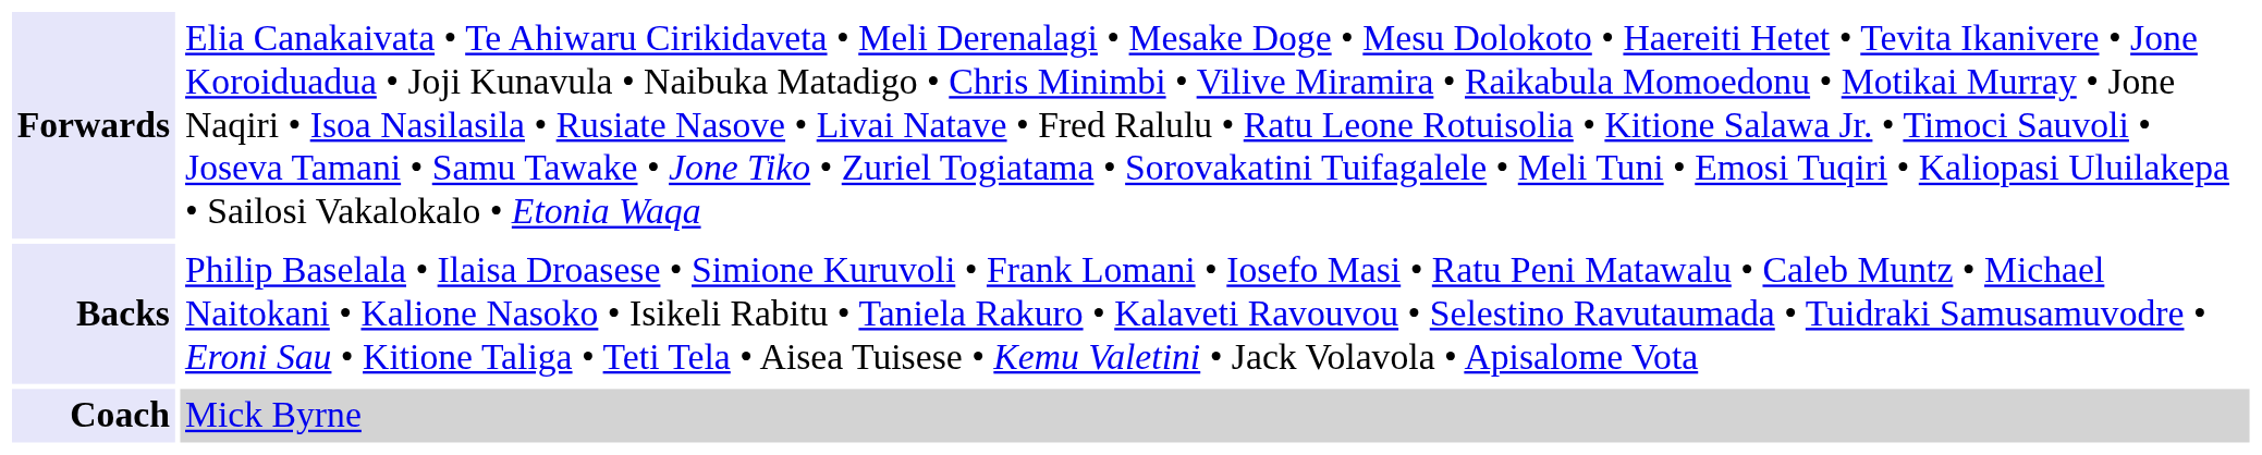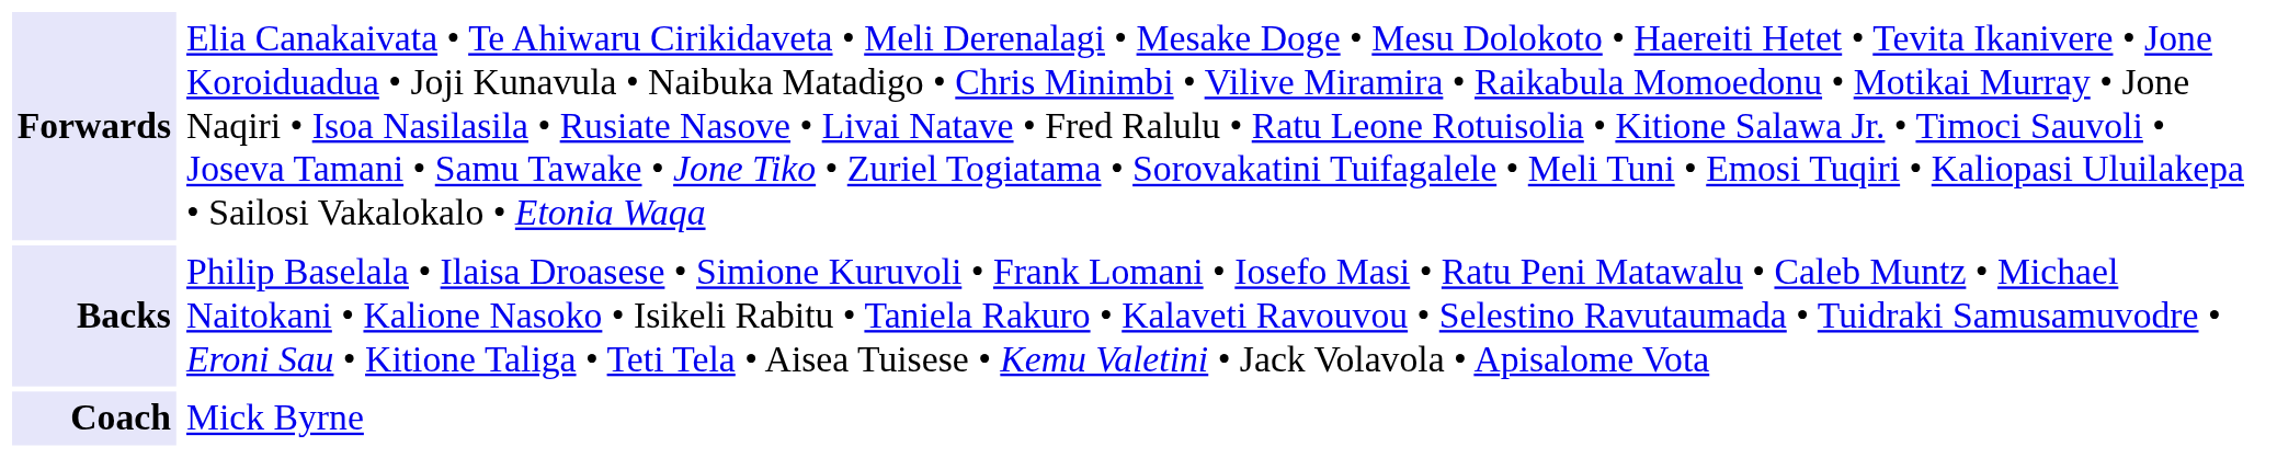 <table cellpadding="2" style="border: 1px solid white; font-size:90%;">
 <tr>
 <td style="text-align:right;" bgcolor="lavender"><strong>Forwards</strong></td>
 <td style="text-align:left;"><a href='#'>Elia Canakaivata</a> • <a href='#'>Te Ahiwaru Cirikidaveta</a> • <a href='#'>Meli Derenalagi</a> • <a href='#'>Mesake Doge</a> • <a href='#'>Mesu Dolokoto</a> • <a href='#'>Haereiti Hetet</a> • <a href='#'>Tevita Ikanivere</a> • <a href='#'>Jone Koroiduadua</a> • Joji Kunavula • Naibuka Matadigo • <a href='#'>Chris Minimbi</a> • <a href='#'>Vilive Miramira</a> • <a href='#'>Raikabula Momoedonu</a> • <a href='#'>Motikai Murray</a> • Jone Naqiri • <a href='#'>Isoa Nasilasila</a> • <a href='#'>Rusiate Nasove</a> • <a href='#'>Livai Natave</a> • Fred Ralulu • <a href='#'>Ratu Leone Rotuisolia</a> • <a href='#'>Kitione Salawa Jr.</a> • <a href='#'>Timoci Sauvoli</a> • <a href='#'>Joseva Tamani</a> • <a href='#'>Samu Tawake</a> • <em><a href='#'>Jone Tiko</a></em> • <a href='#'>Zuriel Togiatama</a> • <a href='#'>Sorovakatini Tuifagalele</a> • <a href='#'>Meli Tuni</a> • <a href='#'>Emosi Tuqiri</a> • <a href='#'>Kaliopasi Uluilakepa</a> • Sailosi Vakalokalo • <em><a href='#'>Etonia Waqa</a></em></td>
 </tr>
 <tr>
 <td style="text-align:right;" bgcolor="lavender"><strong>Backs</strong></td>
 <td style="text-align:left;"><a href='#'>Philip Baselala</a> • <a href='#'>Ilaisa Droasese</a> • <a href='#'>Simione Kuruvoli</a> • <a href='#'>Frank Lomani</a> • <a href='#'>Iosefo Masi</a> • <a href='#'>Ratu Peni Matawalu</a> • <a href='#'>Caleb Muntz</a> • <a href='#'>Michael Naitokani</a> • <a href='#'>Kalione Nasoko</a> • Isikeli Rabitu • <a href='#'>Taniela Rakuro</a> • <a href='#'>Kalaveti Ravouvou</a> • <a href='#'>Selestino Ravutaumada</a> • <a href='#'>Tuidraki Samusamuvodre</a> • <em><a href='#'>Eroni Sau</a></em> • <a href='#'>Kitione Taliga</a> • <a href='#'>Teti Tela</a> • Aisea Tuisese • <em><a href='#'>Kemu Valetini</a></em> • Jack Volavola • <a href='#'>Apisalome Vota</a></td>
 </tr>
 <tr>
 <td style="text-align:right;" bgcolor="lavender"><strong>Coach</strong></td>
-<td style="background: lightgrey; text-align:left;"><a href='#'>Mick Byrne</a></td>
+<td style="text-align:left;"><a href='#'>Mick Byrne</a></td>
 </tr>
 </table>
